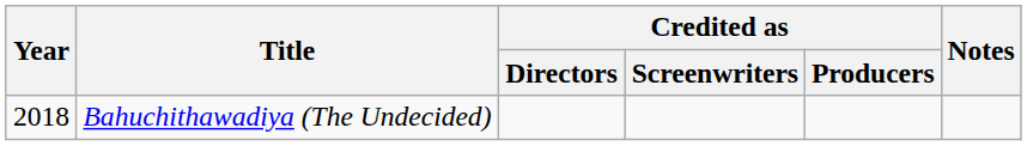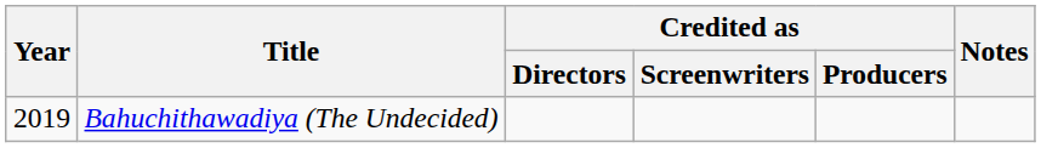 <table class="wikitable sortable">
 <tr>
 <th rowspan=2 width="33">Year</th>
 <th rowspan=2>Title</th>
 <th colspan=3>Credited as</th>
 <th rowspan=2>Notes</th>
 </tr>
 <tr>
 <th width=65>Directors</th>
 <th width=65>Screenwriters</th>
 <th width=65>Producers</th>
 </tr>
 <tr>
-<td align="center">2018</td>
+<td align="center">2019</td>
 <td align="left"><em><a href='#'>Bahuchithawadiya</a> (The Undecided)</em></td>
 <td></td>
 <td></td>
 <td></td>
 <td></td>
 </tr>
 </table>
